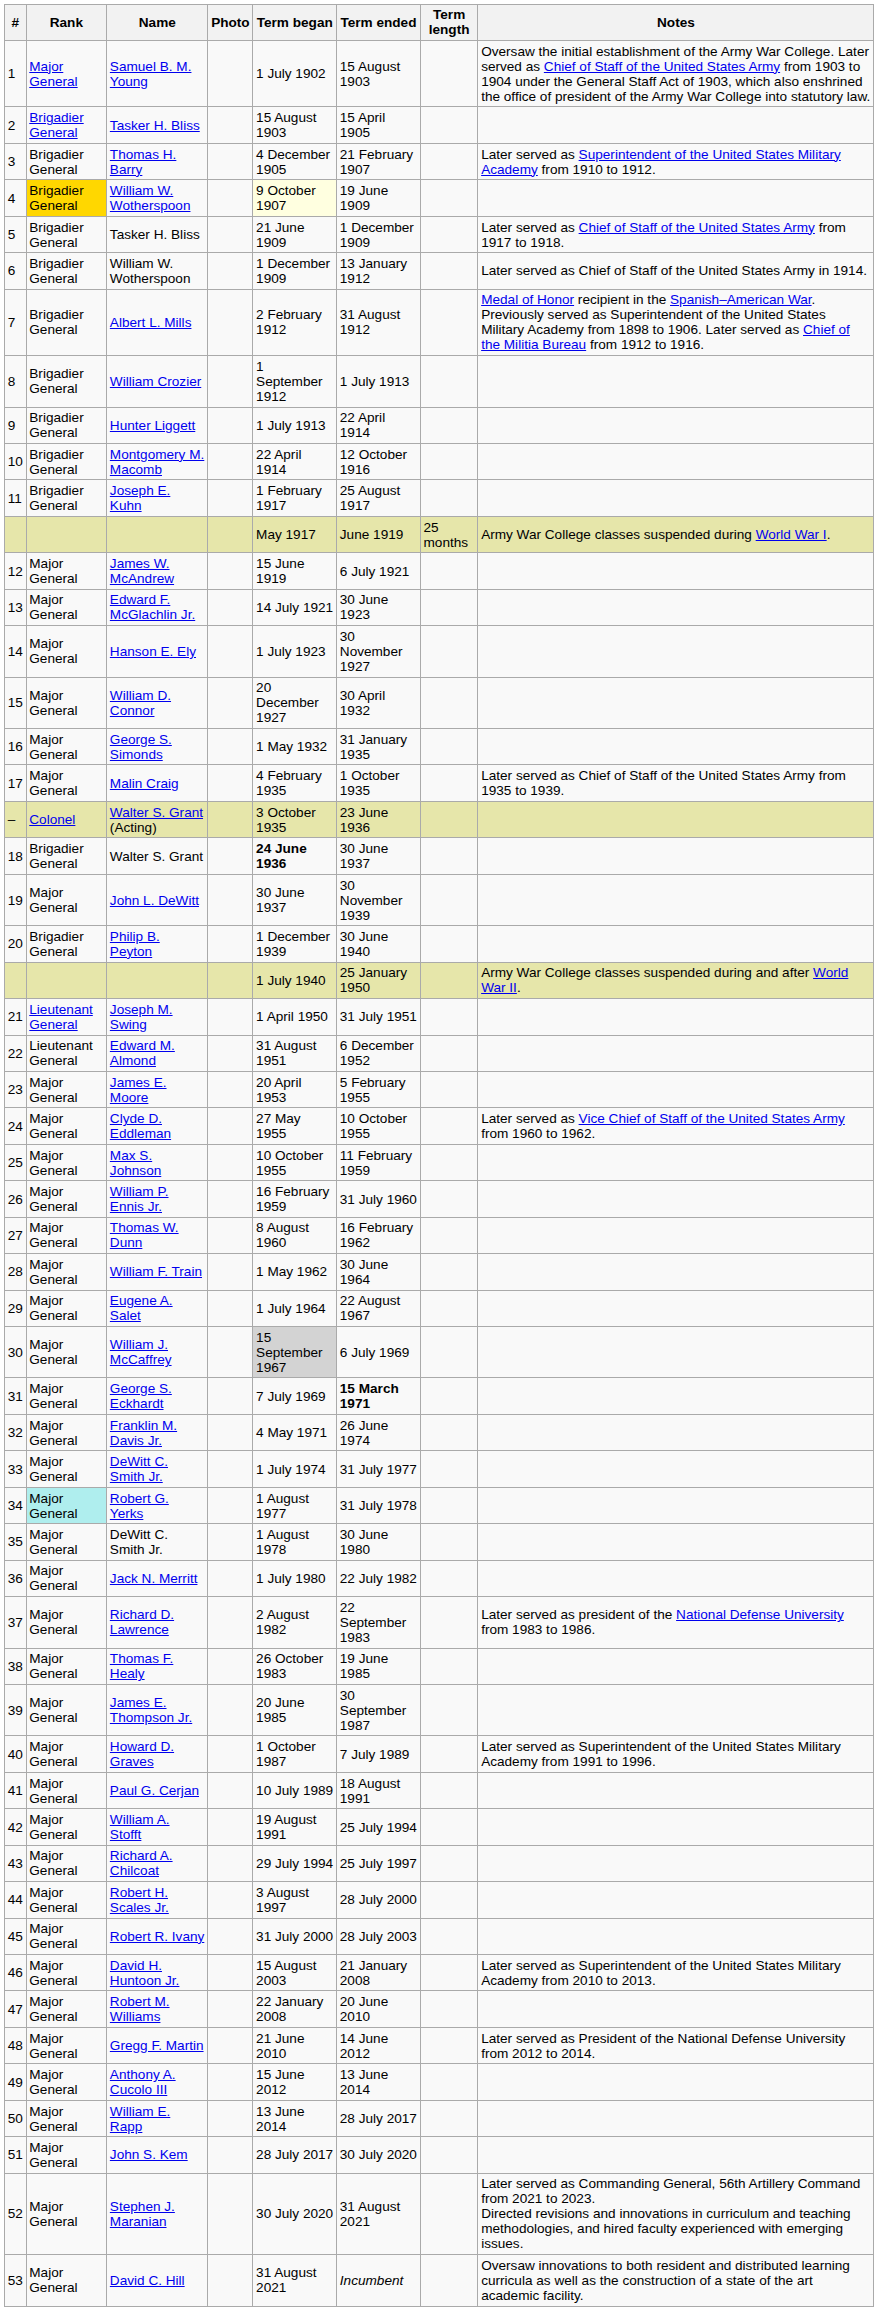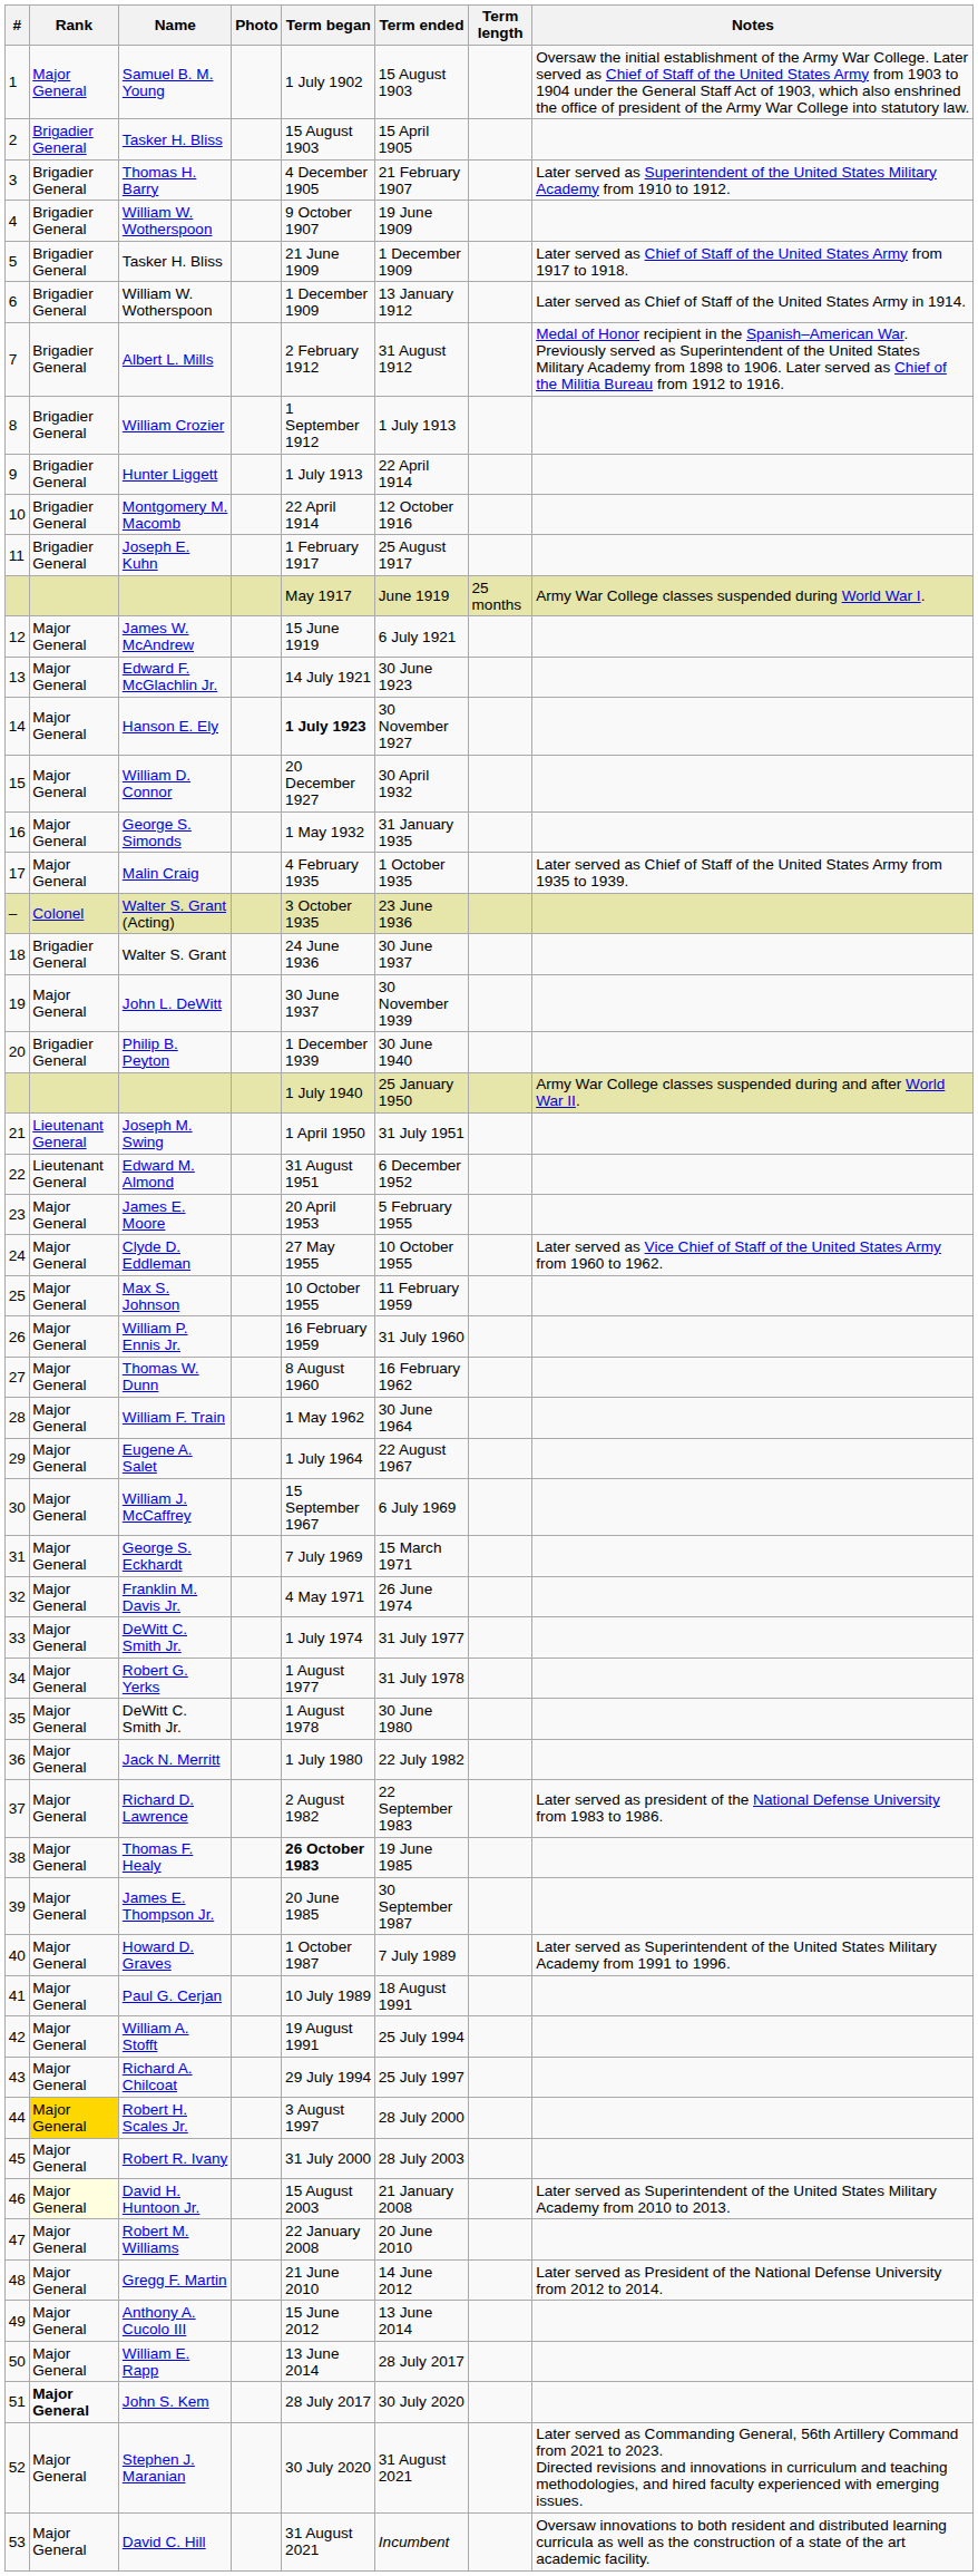 <table class="wikitable sortable" style="font-size:85%;">
 <tr>
 <th>#</th>
 <th>Rank</th>
 <th>Name</th>
 <th class=unsortable>Photo</th>
 <th>Term began</th>
 <th>Term ended</th>
 <th>Term length</th>
 <th class=unsortable>Notes</th>
 </tr>
 <tr>
 <td>1</td>
 <td><a href='#'>Major General</a></td>
 <td><a href='#'>Samuel B. M. Young</a></td>
 <td></td>
 <td>1 July 1902</td>
 <td>15 August 1903</td>
 <td></td>
 <td>Oversaw the initial establishment of the Army War College. Later served as <a href='#'>Chief of Staff of the United States Army</a> from 1903 to 1904 under the General Staff Act of 1903, which also enshrined the office of president of the Army War College into statutory law.</td>
 </tr>
 <tr>
 <td>2</td>
 <td><a href='#'>Brigadier General</a></td>
 <td><a href='#'>Tasker H. Bliss</a></td>
 <td></td>
 <td>15 August 1903</td>
 <td>15 April 1905</td>
 <td></td>
 <td></td>
 </tr>
 <tr>
 <td>3</td>
 <td>Brigadier General</td>
 <td><a href='#'>Thomas H. Barry</a></td>
 <td></td>
 <td>4 December 1905</td>
 <td>21 February 1907</td>
 <td></td>
 <td>Later served as <a href='#'>Superintendent of the United States Military Academy</a> from 1910 to 1912.</td>
 </tr>
 <tr>
 <td>4</td>
-<td style="background: gold;">Brigadier General</td>
+<td>Brigadier General</td>
 <td><a href='#'>William W. Wotherspoon</a></td>
 <td></td>
-<td style="background: lightyellow;">9 October 1907</td>
+<td>9 October 1907</td>
 <td>19 June 1909</td>
 <td></td>
 <td></td>
 </tr>
 <tr>
 <td>5</td>
 <td>Brigadier General</td>
 <td>Tasker H. Bliss</td>
 <td></td>
 <td>21 June 1909</td>
 <td>1 December 1909</td>
 <td></td>
 <td>Later served as <a href='#'>Chief of Staff of the United States Army</a> from 1917 to 1918.</td>
 </tr>
 <tr>
 <td>6</td>
 <td>Brigadier General</td>
 <td>William W. Wotherspoon</td>
 <td></td>
 <td>1 December 1909</td>
 <td>13 January 1912</td>
 <td></td>
 <td>Later served as Chief of Staff of the United States Army in 1914.</td>
 </tr>
 <tr>
 <td>7</td>
 <td>Brigadier General</td>
 <td><a href='#'>Albert L. Mills</a></td>
 <td></td>
 <td>2 February 1912</td>
 <td>31 August 1912</td>
 <td></td>
 <td><a href='#'>Medal of Honor</a> recipient in the <a href='#'>Spanish–American War</a>. Previously served as Superintendent of the United States Military Academy from 1898 to 1906. Later served as <a href='#'>Chief of the Militia Bureau</a> from 1912 to 1916.</td>
 </tr>
 <tr>
 <td>8</td>
 <td>Brigadier General</td>
 <td><a href='#'>William Crozier</a></td>
 <td></td>
 <td>1 September 1912</td>
 <td>1 July 1913</td>
 <td></td>
 <td></td>
 </tr>
 <tr>
 <td>9</td>
 <td>Brigadier General</td>
 <td><a href='#'>Hunter Liggett</a></td>
 <td></td>
 <td>1 July 1913</td>
 <td>22 April 1914</td>
 <td></td>
 <td></td>
 </tr>
 <tr>
 <td>10</td>
 <td>Brigadier General</td>
 <td><a href='#'>Montgomery M. Macomb</a></td>
 <td></td>
 <td>22 April 1914</td>
 <td>12 October 1916</td>
 <td></td>
 <td></td>
 </tr>
 <tr>
 <td>11</td>
 <td>Brigadier General</td>
 <td><a href='#'>Joseph E. Kuhn</a></td>
 <td></td>
 <td>1 February 1917</td>
 <td>25 August 1917</td>
 <td></td>
 <td></td>
 </tr>
 <tr style="background:#e6e6aa;">
 <td></td>
 <td></td>
 <td></td>
 <td></td>
 <td>May 1917</td>
 <td>June 1919</td>
 <td>25 months</td>
 <td>Army War College classes suspended during <a href='#'>World War I</a>.</td>
 </tr>
 <tr>
 <td>12</td>
 <td>Major General</td>
 <td><a href='#'>James W. McAndrew</a></td>
 <td></td>
 <td>15 June 1919</td>
 <td>6 July 1921</td>
 <td></td>
 <td></td>
 </tr>
 <tr>
 <td>13</td>
 <td>Major General</td>
 <td><a href='#'>Edward F. McGlachlin Jr.</a></td>
 <td></td>
 <td>14 July 1921</td>
 <td>30 June 1923</td>
 <td></td>
 <td></td>
 </tr>
 <tr>
 <td>14</td>
 <td>Major General</td>
 <td><a href='#'>Hanson E. Ely</a></td>
 <td></td>
-<td>1 July 1923</td>
+<td><strong>1 July 1923</strong></td>
 <td>30 November 1927</td>
 <td></td>
 <td></td>
 </tr>
 <tr>
 <td>15</td>
 <td>Major General</td>
 <td><a href='#'>William D. Connor</a></td>
 <td></td>
 <td>20 December 1927</td>
 <td>30 April 1932</td>
 <td></td>
 <td></td>
 </tr>
 <tr>
 <td>16</td>
 <td>Major General</td>
 <td><a href='#'>George S. Simonds</a></td>
 <td></td>
 <td>1 May 1932</td>
 <td>31 January 1935</td>
 <td></td>
 <td></td>
 </tr>
 <tr>
 <td>17</td>
 <td>Major General</td>
 <td><a href='#'>Malin Craig</a></td>
 <td></td>
 <td>4 February 1935</td>
 <td>1 October 1935</td>
 <td></td>
 <td>Later served as Chief of Staff of the United States Army from 1935 to 1939.</td>
 </tr>
 <tr style="background:#e6e6aa;">
 <td>–</td>
 <td><a href='#'>Colonel</a></td>
 <td><a href='#'>Walter S. Grant</a><br>(Acting)</td>
 <td></td>
 <td>3 October 1935</td>
 <td>23 June 1936</td>
 <td></td>
 <td></td>
 </tr>
 <tr>
 <td>18</td>
 <td>Brigadier General</td>
 <td>Walter S. Grant</td>
 <td></td>
-<td><strong>24 June 1936</strong></td>
+<td>24 June 1936</td>
 <td>30 June 1937</td>
 <td></td>
 <td></td>
 </tr>
 <tr>
 <td>19</td>
 <td>Major General</td>
 <td><a href='#'>John L. DeWitt</a></td>
 <td></td>
 <td>30 June 1937</td>
 <td>30 November 1939</td>
 <td></td>
 <td></td>
 </tr>
 <tr>
 <td>20</td>
 <td>Brigadier General</td>
 <td><a href='#'>Philip B. Peyton</a></td>
 <td></td>
 <td>1 December 1939</td>
 <td>30 June 1940</td>
 <td></td>
 <td></td>
 </tr>
 <tr style="background:#e6e6aa;">
 <td></td>
 <td></td>
 <td></td>
 <td></td>
 <td>1 July 1940</td>
 <td>25 January 1950</td>
 <td></td>
 <td>Army War College classes suspended during and after <a href='#'>World War II</a>.</td>
 </tr>
 <tr>
 <td>21</td>
 <td><a href='#'>Lieutenant General</a></td>
 <td><a href='#'>Joseph M. Swing</a></td>
 <td></td>
 <td>1 April 1950</td>
 <td>31 July 1951</td>
 <td></td>
 <td></td>
 </tr>
 <tr>
 <td>22</td>
 <td>Lieutenant General</td>
 <td><a href='#'>Edward M. Almond</a></td>
 <td></td>
 <td>31 August 1951</td>
 <td>6 December 1952</td>
 <td></td>
 <td></td>
 </tr>
 <tr>
 <td>23</td>
 <td>Major General</td>
 <td><a href='#'>James E. Moore</a></td>
 <td></td>
 <td>20 April 1953</td>
 <td>5 February 1955</td>
 <td></td>
 <td></td>
 </tr>
 <tr>
 <td>24</td>
 <td>Major General</td>
 <td><a href='#'>Clyde D. Eddleman</a></td>
 <td></td>
 <td>27 May 1955</td>
 <td>10 October 1955</td>
 <td></td>
 <td>Later served as <a href='#'>Vice Chief of Staff of the United States Army</a> from 1960 to 1962.</td>
 </tr>
 <tr>
 <td>25</td>
 <td>Major General</td>
 <td><a href='#'>Max S. Johnson</a></td>
 <td></td>
 <td>10 October 1955</td>
 <td>11 February 1959</td>
 <td></td>
 <td></td>
 </tr>
 <tr>
 <td>26</td>
 <td>Major General</td>
 <td><a href='#'>William P. Ennis Jr.</a></td>
 <td></td>
 <td>16 February 1959</td>
 <td>31 July 1960</td>
 <td></td>
 <td></td>
 </tr>
 <tr>
 <td>27</td>
 <td>Major General</td>
 <td><a href='#'>Thomas W. Dunn</a></td>
 <td></td>
 <td>8 August 1960</td>
 <td>16 February 1962</td>
 <td></td>
 <td></td>
 </tr>
 <tr>
 <td>28</td>
 <td>Major General</td>
 <td><a href='#'>William F. Train</a></td>
 <td></td>
 <td>1 May 1962</td>
 <td>30 June 1964</td>
 <td></td>
 <td></td>
 </tr>
 <tr>
 <td>29</td>
 <td>Major General</td>
 <td><a href='#'>Eugene A. Salet</a></td>
 <td></td>
 <td>1 July 1964</td>
 <td>22 August 1967</td>
 <td></td>
 <td></td>
 </tr>
 <tr>
 <td>30</td>
 <td>Major General</td>
 <td><a href='#'>William J. McCaffrey</a></td>
 <td></td>
-<td style="background: lightgrey;">15 September 1967</td>
+<td>15 September 1967</td>
 <td>6 July 1969</td>
 <td></td>
 <td></td>
 </tr>
 <tr>
 <td>31</td>
 <td>Major General</td>
 <td><a href='#'>George S. Eckhardt</a></td>
 <td></td>
 <td>7 July 1969</td>
-<td><strong>15 March 1971</strong></td>
+<td>15 March 1971</td>
 <td></td>
 <td></td>
 </tr>
 <tr>
 <td>32</td>
 <td>Major General</td>
 <td><a href='#'>Franklin M. Davis Jr.</a></td>
 <td></td>
 <td>4 May 1971</td>
 <td>26 June 1974</td>
 <td></td>
 <td></td>
 </tr>
 <tr>
 <td>33</td>
 <td>Major General</td>
 <td><a href='#'>DeWitt C. Smith Jr.</a></td>
 <td></td>
 <td>1 July 1974</td>
 <td>31 July 1977</td>
 <td></td>
 <td></td>
 </tr>
 <tr>
 <td>34</td>
-<td style="background: paleturquoise;">Major General</td>
+<td>Major General</td>
 <td><a href='#'>Robert G. Yerks</a></td>
 <td></td>
 <td>1 August 1977</td>
 <td>31 July 1978</td>
 <td></td>
 <td></td>
 </tr>
 <tr>
 <td>35</td>
 <td>Major General</td>
 <td>DeWitt C. Smith Jr.</td>
 <td></td>
 <td>1 August 1978</td>
 <td>30 June 1980</td>
 <td></td>
 <td></td>
 </tr>
 <tr>
 <td>36</td>
 <td>Major General</td>
 <td><a href='#'>Jack N. Merritt</a></td>
 <td></td>
 <td>1 July 1980</td>
 <td>22 July 1982</td>
 <td></td>
 <td></td>
 </tr>
 <tr>
 <td>37</td>
 <td>Major General</td>
 <td><a href='#'>Richard D. Lawrence</a></td>
 <td></td>
 <td>2 August 1982</td>
 <td>22 September 1983</td>
 <td></td>
 <td>Later served as president of the <a href='#'>National Defense University</a> from 1983 to 1986.</td>
 </tr>
 <tr>
 <td>38</td>
 <td>Major General</td>
 <td><a href='#'>Thomas F. Healy</a></td>
 <td></td>
-<td>26 October 1983</td>
+<td><strong>26 October 1983</strong></td>
 <td>19 June 1985</td>
 <td></td>
 <td></td>
 </tr>
 <tr>
 <td>39</td>
 <td>Major General</td>
 <td><a href='#'>James E. Thompson Jr.</a></td>
 <td></td>
 <td>20 June 1985</td>
 <td>30 September 1987</td>
 <td></td>
 <td></td>
 </tr>
 <tr>
 <td>40</td>
 <td>Major General</td>
 <td><a href='#'>Howard D. Graves</a></td>
 <td></td>
 <td>1 October 1987</td>
 <td>7 July 1989</td>
 <td></td>
 <td>Later served as Superintendent of the United States Military Academy from 1991 to 1996.</td>
 </tr>
 <tr>
 <td>41</td>
 <td>Major General</td>
 <td><a href='#'>Paul G. Cerjan</a></td>
 <td></td>
 <td>10 July 1989</td>
 <td>18 August 1991</td>
 <td></td>
 <td></td>
 </tr>
 <tr>
 <td>42</td>
 <td>Major General</td>
 <td><a href='#'>William A. Stofft</a></td>
 <td></td>
 <td>19 August 1991</td>
 <td>25 July 1994</td>
 <td></td>
 <td></td>
 </tr>
 <tr>
 <td>43</td>
 <td>Major General</td>
 <td><a href='#'>Richard A. Chilcoat</a></td>
 <td></td>
 <td>29 July 1994</td>
 <td>25 July 1997</td>
 <td></td>
 <td></td>
 </tr>
 <tr>
 <td>44</td>
-<td>Major General</td>
+<td style="background: gold;">Major General</td>
 <td><a href='#'>Robert H. Scales Jr.</a></td>
 <td></td>
 <td>3 August 1997</td>
 <td>28 July 2000</td>
 <td></td>
 <td></td>
 </tr>
 <tr>
 <td>45</td>
 <td>Major General</td>
 <td><a href='#'>Robert R. Ivany</a></td>
 <td></td>
 <td>31 July 2000</td>
 <td>28 July 2003</td>
 <td></td>
 <td></td>
 </tr>
 <tr>
 <td>46</td>
-<td>Major General</td>
+<td style="background: lightyellow;">Major General</td>
 <td><a href='#'>David H. Huntoon Jr.</a></td>
 <td></td>
 <td>15 August 2003</td>
 <td>21 January 2008</td>
 <td></td>
 <td>Later served as Superintendent of the United States Military Academy from 2010 to 2013.</td>
 </tr>
 <tr>
 <td>47</td>
 <td>Major General</td>
 <td><a href='#'>Robert M. Williams</a></td>
 <td></td>
 <td>22 January 2008</td>
 <td>20 June 2010</td>
 <td></td>
 <td></td>
 </tr>
 <tr>
 <td>48</td>
 <td>Major General</td>
 <td><a href='#'>Gregg F. Martin</a></td>
 <td></td>
 <td>21 June 2010</td>
 <td>14 June 2012</td>
 <td></td>
 <td>Later served as President of the National Defense University from 2012 to 2014.</td>
 </tr>
 <tr>
 <td>49</td>
 <td>Major General</td>
 <td><a href='#'>Anthony A. Cucolo III</a></td>
 <td></td>
 <td>15 June 2012</td>
 <td>13 June 2014</td>
 <td></td>
 <td></td>
 </tr>
 <tr>
 <td>50</td>
 <td>Major General</td>
 <td><a href='#'>William E. Rapp</a></td>
 <td></td>
 <td>13 June 2014</td>
 <td>28 July 2017</td>
 <td></td>
 <td></td>
 </tr>
 <tr>
 <td>51</td>
-<td>Major General</td>
+<td><strong>Major General</strong></td>
 <td><a href='#'>John S. Kem</a></td>
 <td></td>
 <td>28 July 2017</td>
 <td>30 July 2020</td>
 <td></td>
 <td></td>
 </tr>
 <tr>
 <td>52</td>
 <td>Major General</td>
 <td><a href='#'>Stephen J. Maranian</a></td>
 <td></td>
 <td>30 July 2020</td>
 <td>31 August 2021</td>
 <td></td>
 <td>Later served as Commanding General, 56th Artillery Command from 2021 to 2023.<br>Directed revisions and innovations in curriculum and teaching methodologies, and hired faculty experienced with emerging issues.</td>
 </tr>
 <tr>
 <td>53</td>
 <td>Major General</td>
 <td><a href='#'>David C. Hill</a></td>
 <td></td>
 <td>31 August 2021</td>
 <td><em>Incumbent</em></td>
 <td></td>
 <td>Oversaw innovations to both resident and distributed learning curricula as well as the construction of a state of the art academic facility.</td>
 </tr>
 <tr>
 </tr>
 </table>
